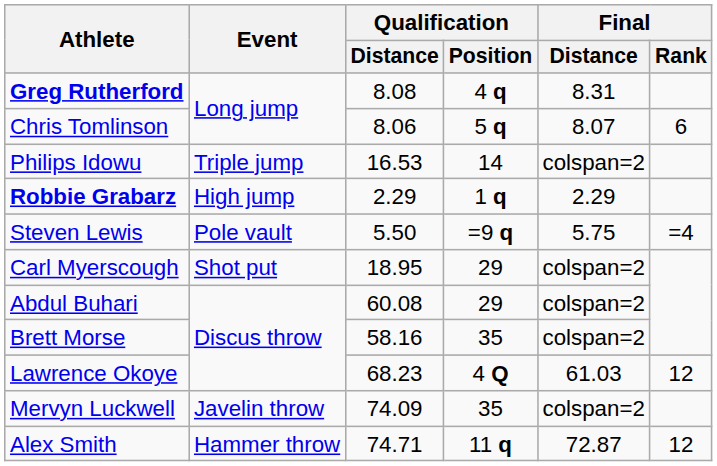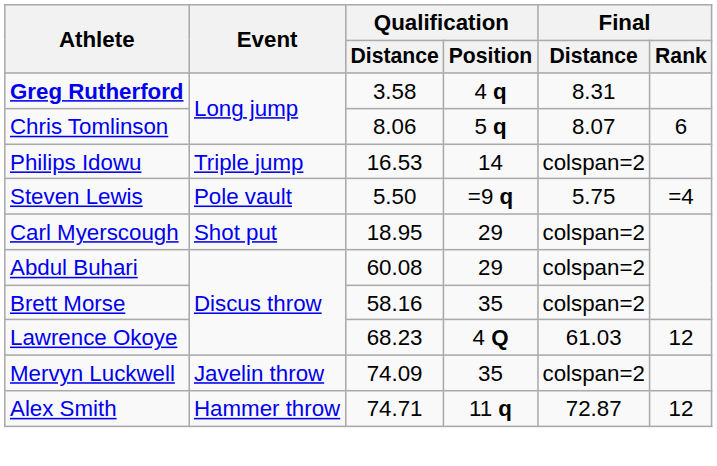 <table class=wikitable style="text-align:center; font-size:90%;">
 <tr>
 <th rowspan="2">Athlete</th>
 <th rowspan="2">Event</th>
 <th colspan="2">Qualification</th>
 <th colspan="2">Final</th>
 </tr>
 <tr style="font-size:95%">
 <th>Distance</th>
 <th>Position</th>
 <th>Distance</th>
 <th>Rank</th>
 </tr>
 <tr>
 <td style="text-align:left;"><strong><a href='#'>Greg Rutherford</a></strong></td>
 <td style="text-align:left;" rowspan="2"><a href='#'>Long jump</a></td>
-<td>8.08</td>
+<td>3.58</td>
 <td>4 <strong>q</strong></td>
 <td>8.31</td>
 <td></td>
 </tr>
 <tr>
 <td style="text-align:left;"><a href='#'>Chris Tomlinson</a></td>
 <td>8.06</td>
 <td>5 <strong>q</strong></td>
 <td>8.07</td>
 <td>6</td>
 </tr>
 <tr>
 <td style="text-align:left;"><a href='#'>Philips Idowu</a></td>
 <td style="text-align:left;"><a href='#'>Triple jump</a></td>
 <td>16.53</td>
 <td>14</td>
 <td>colspan=2 </td>
-</tr>
-<tr>
-<td style="text-align:left;"><strong><a href='#'>Robbie Grabarz</a></strong></td>
-<td style="text-align:left;"><a href='#'>High jump</a></td>
-<td>2.29</td>
-<td>1 <strong>q</strong></td>
-<td>2.29</td>
-<td></td>
 </tr>
 <tr>
 <td style="text-align:left;"><a href='#'>Steven Lewis</a></td>
 <td style="text-align:left;"><a href='#'>Pole vault</a></td>
 <td>5.50</td>
 <td>=9 <strong>q</strong></td>
 <td>5.75</td>
 <td>=4</td>
 </tr>
 <tr>
 <td style="text-align:left;"><a href='#'>Carl Myerscough</a></td>
 <td style="text-align:left;"><a href='#'>Shot put</a></td>
 <td>18.95</td>
 <td>29</td>
 <td>colspan=2 </td>
 </tr>
 <tr>
 <td style="text-align:left;"><a href='#'>Abdul Buhari</a></td>
 <td style="text-align:left;" rowspan="3"><a href='#'>Discus throw</a></td>
 <td>60.08</td>
 <td>29</td>
 <td>colspan=2 </td>
 </tr>
 <tr>
 <td style="text-align:left;"><a href='#'>Brett Morse</a></td>
 <td>58.16</td>
 <td>35</td>
 <td>colspan=2 </td>
 </tr>
 <tr>
 <td style="text-align:left;"><a href='#'>Lawrence Okoye</a></td>
 <td>68.23</td>
 <td>4 <strong>Q</strong></td>
 <td>61.03</td>
 <td>12</td>
 </tr>
 <tr>
 <td style="text-align:left;"><a href='#'>Mervyn Luckwell</a></td>
 <td style="text-align:left;"><a href='#'>Javelin throw</a></td>
 <td>74.09</td>
 <td>35</td>
 <td>colspan=2 </td>
 </tr>
 <tr>
 <td style="text-align:left;"><a href='#'>Alex Smith</a></td>
 <td style="text-align:left;"><a href='#'>Hammer throw</a></td>
 <td>74.71</td>
 <td>11 <strong>q</strong></td>
 <td>72.87</td>
 <td>12</td>
 </tr>
 </table>
